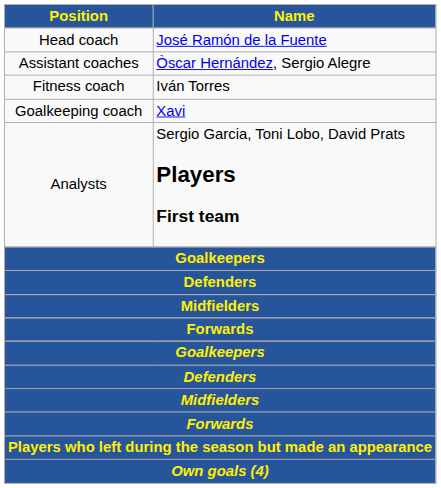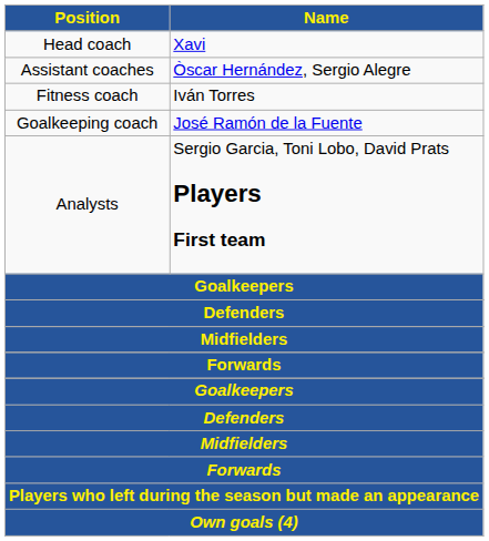 <table class="wikitable plainrowheaders sortable">
 <tr>
 <th style="background:#26559B; color:#FFF000; ">Position</th>
 <th style="background:#26559B; color:#FFF000; ">Name</th>
 </tr>
 <tr>
 <td align=center>Head coach</td>
-<td align=left> <a href='#'>José Ramón de la Fuente</a></td>
+<td align=left> <a href='#'>Xavi</a></td>
 </tr>
 <tr>
 <td align=center>Assistant coaches</td>
 <td align=left> <a href='#'>Òscar Hernández</a>,  Sergio Alegre</td>
 </tr>
 <tr>
 <td align=center>Fitness coach</td>
 <td align=left> Iván Torres</td>
 </tr>
 <tr>
 <td align=center>Goalkeeping coach</td>
-<td align=left> <a href='#'>Xavi</a></td>
+<td align=left> <a href='#'>José Ramón de la Fuente</a></td>
 </tr>
 <tr>
 <td align=center>Analysts</td>
 <td align=left> Sergio Garcia,  Toni Lobo,  David Prats<br>  <h2>Players</h2><h3>First team</h3></td>
 </tr>
 <tr>
 <th colspan="12" style="background:#26559B; color:#FFF000; ">Goalkeepers</th>
 </tr>
 <tr>
 </tr>
 <tr>
 <th colspan="12" style="background:#26559B; color:#FFF000; ">Defenders</th>
 </tr>
 <tr>
 </tr>
 <tr>
 <th colspan="12" style="background:#26559B; color:#FFF000; ">Midfielders</th>
 </tr>
 <tr>
 </tr>
 <tr>
 <th colspan="12" style="background:#26559B; color:#FFF000; ">Forwards</th>
 </tr>
 <tr>
 </tr>
 <tr>
 <th colspan=16 style="background:#26559B; color:#FFF000; "><em>Goalkeepers</em><br>  </th>
 </tr>
 <tr>
 <th colspan=16 style="background:#26559B; color:#FFF000; "><em>Defenders</em><br>       </th>
 </tr>
 <tr>
 <th colspan=16 style="background:#26559B; color:#FFF000; "><em>Midfielders</em><br>        </th>
 </tr>
 <tr>
 <th colspan=16 style="background:#26559B; color:#FFF000; "><em>Forwards</em><br>      </th>
 </tr>
 <tr>
 <th colspan=16 style="background:#26559B; color:#FFF000; ">Players who left during the season but made an appearance<br>    </th>
 </tr>
 <tr>
 <th colspan=16 style="background:#26559B; color:#FFF000; "><em>Own goals (4)</em></th>
 </tr>
 </table>
